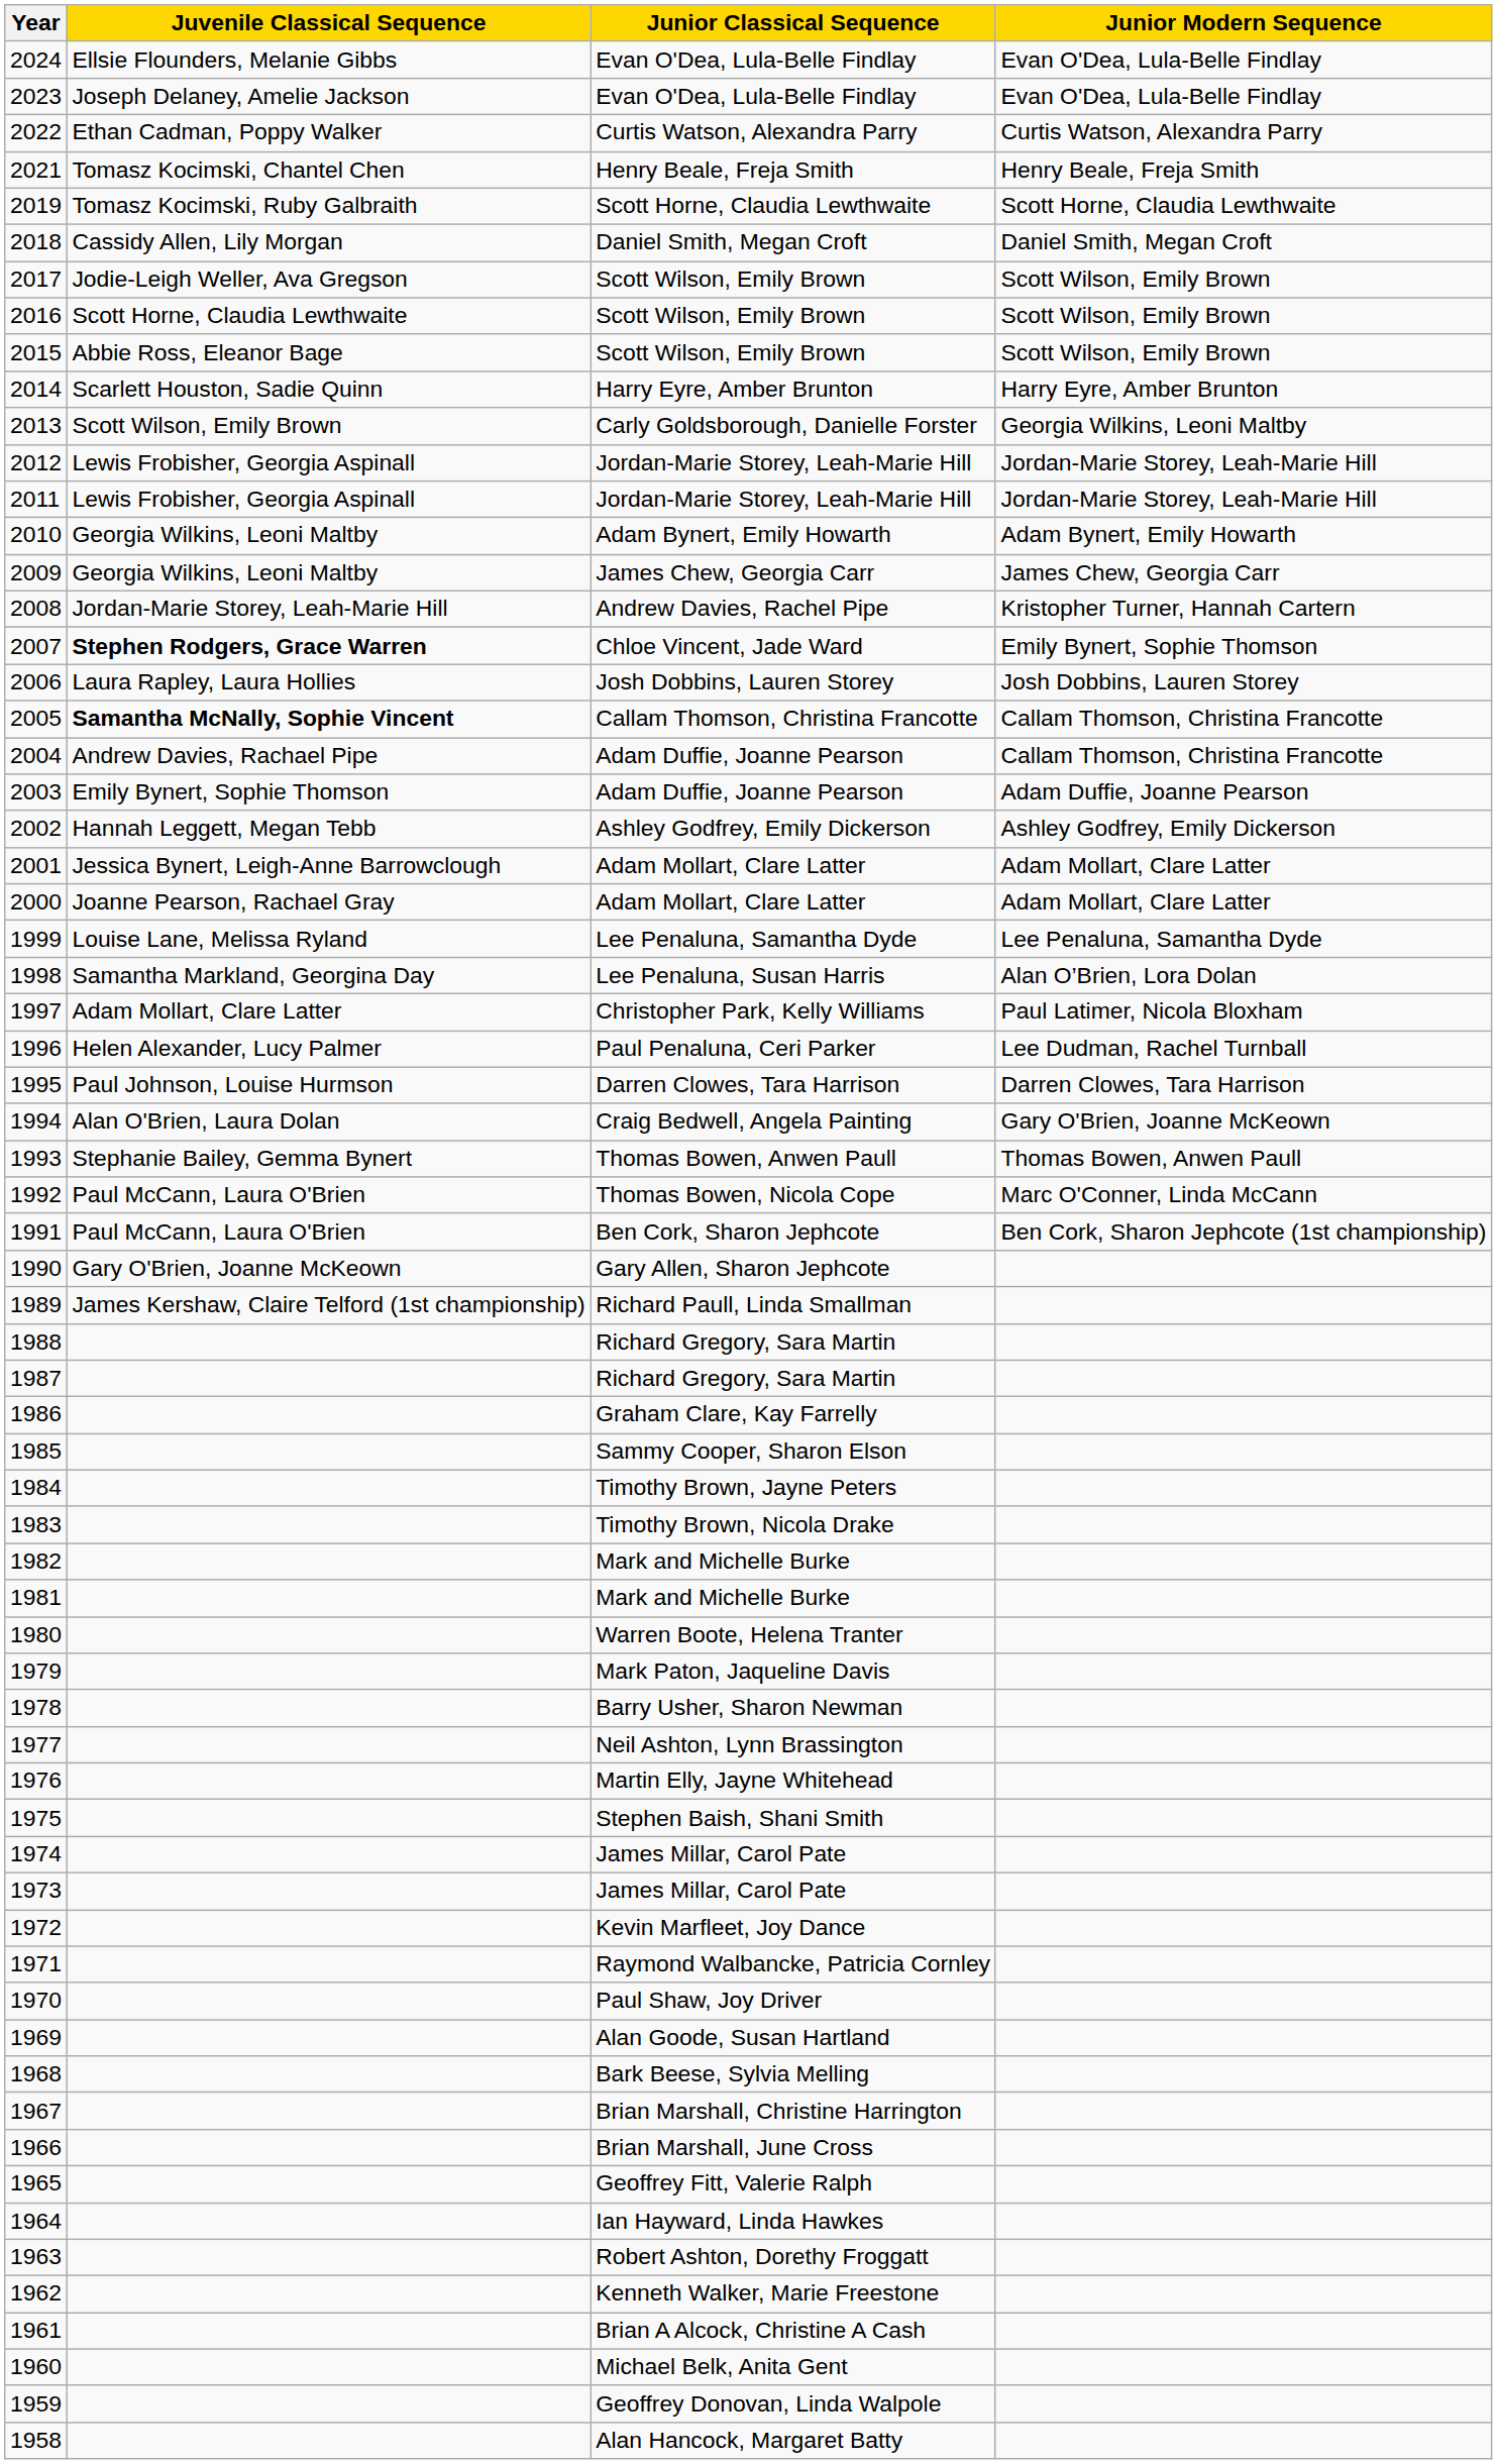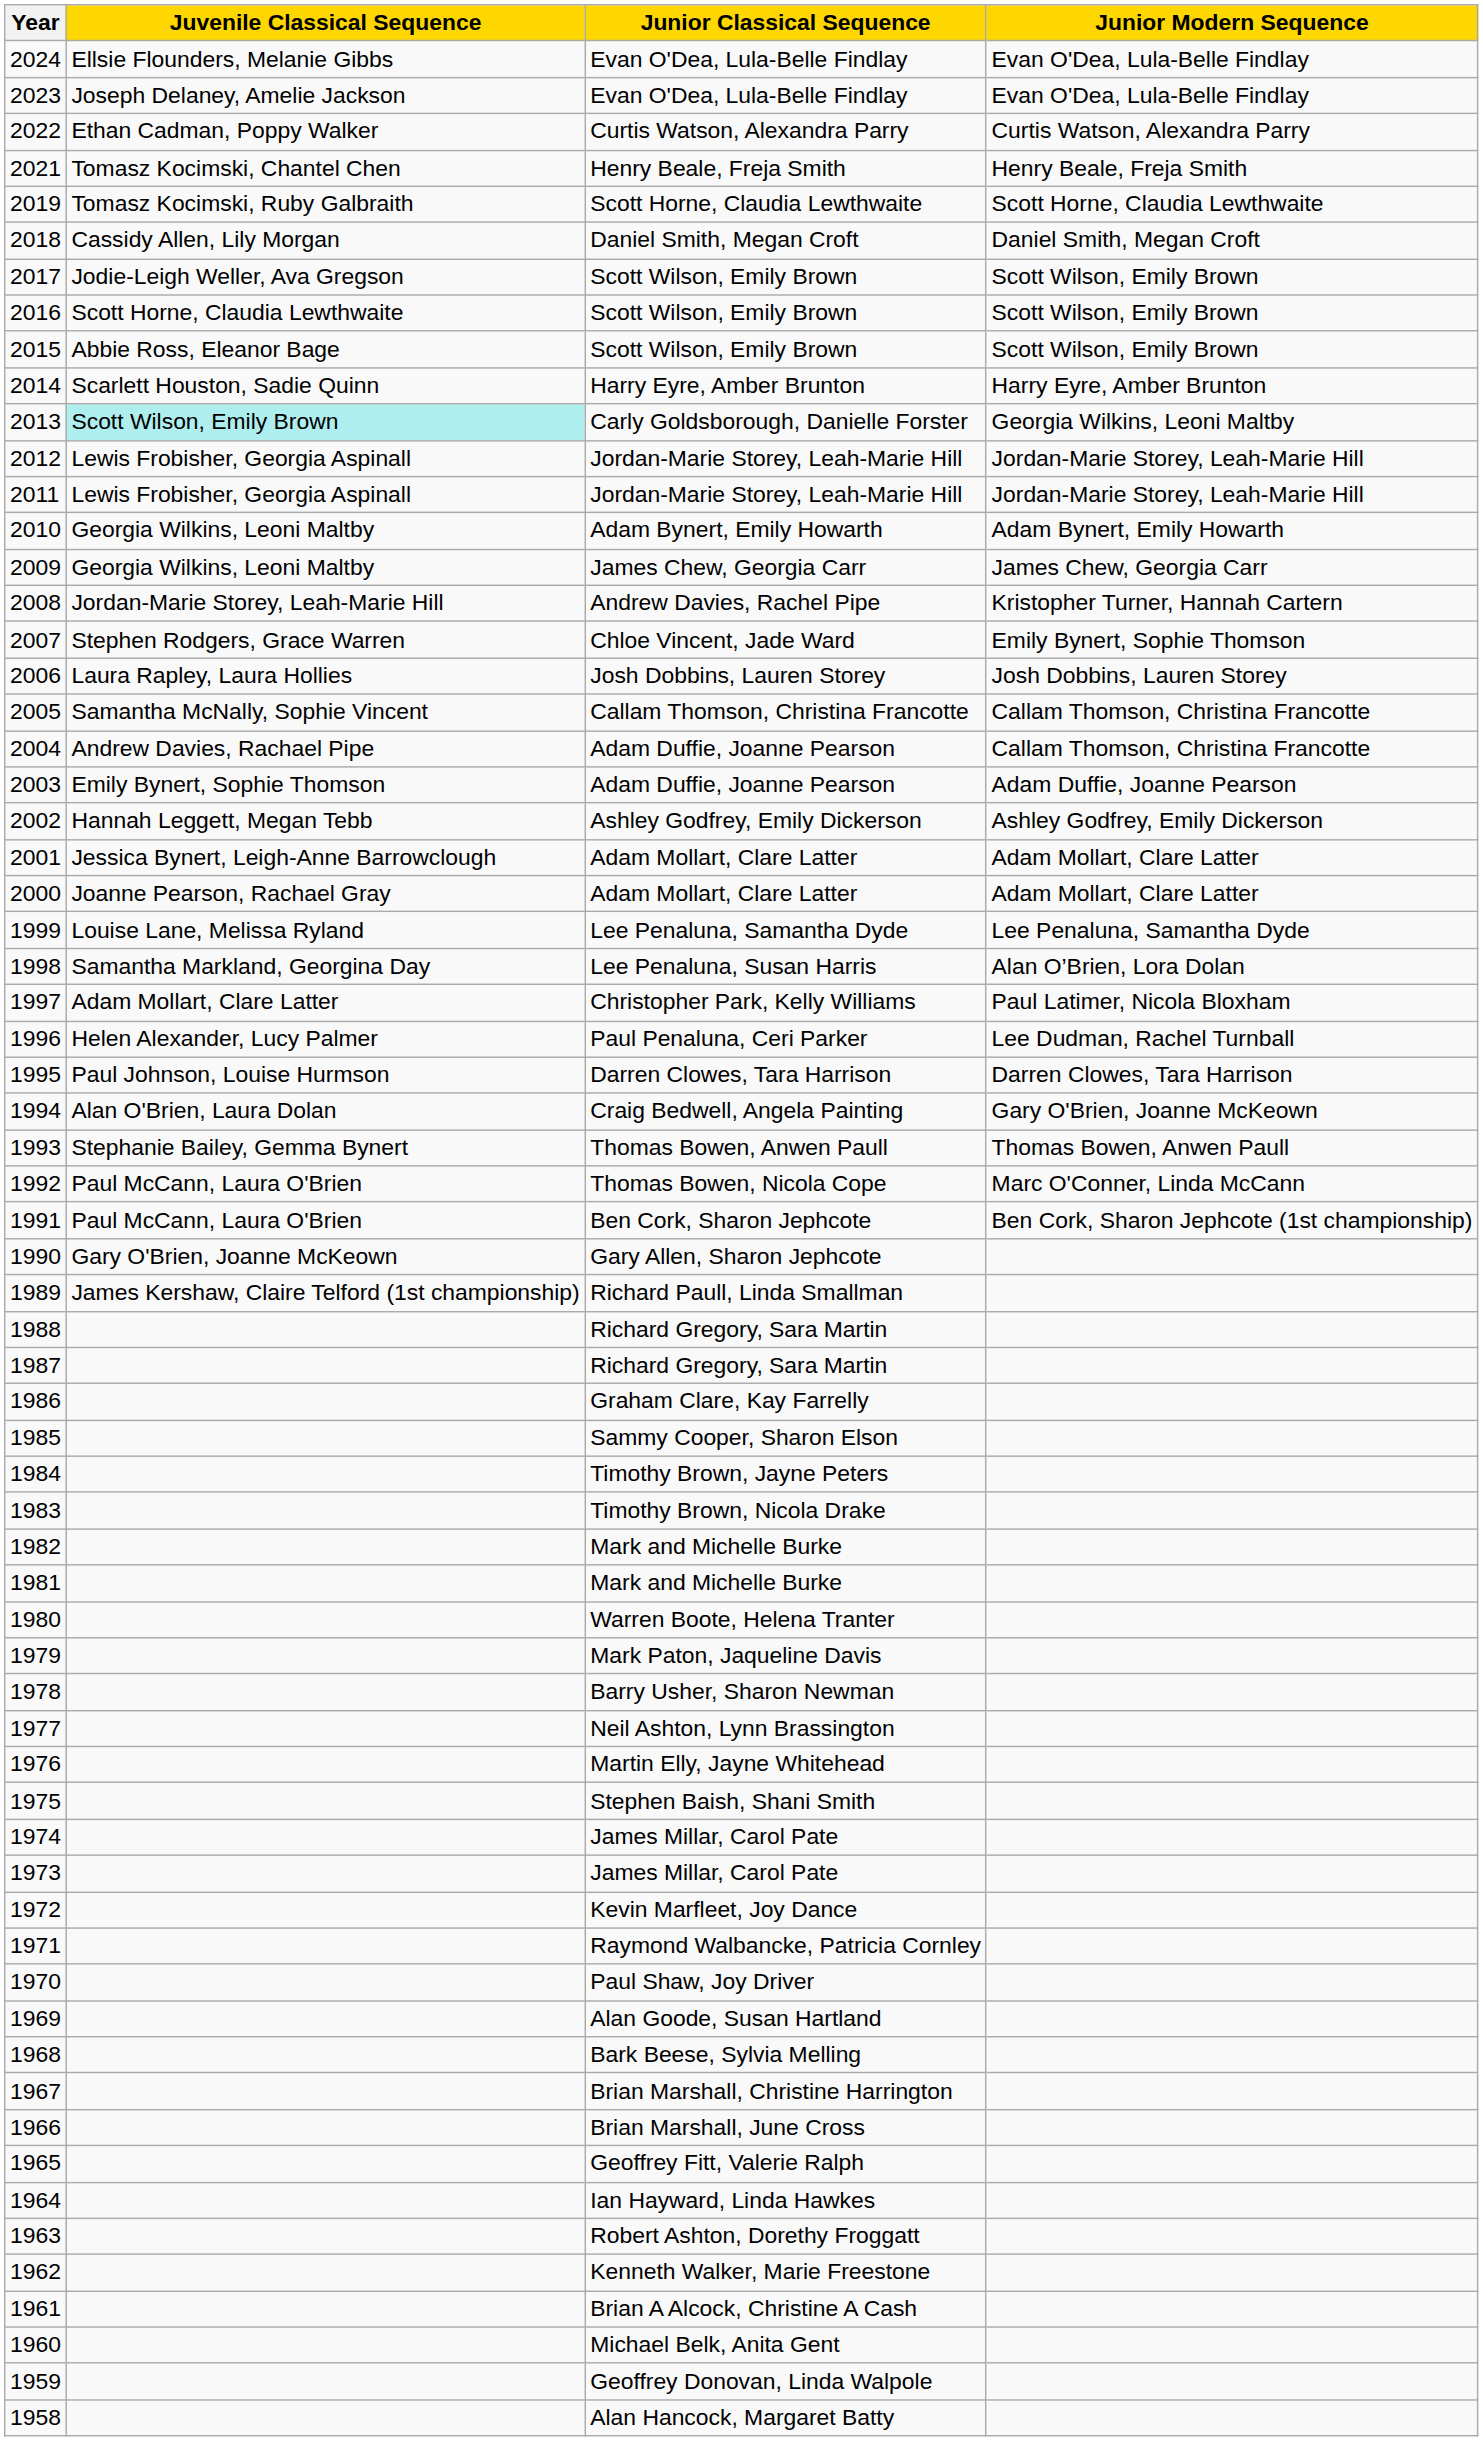 <table class="wikitable">
 <tr>
 <th>Year</th>
 <td style="text-align:center; background:gold;"><strong>Juvenile Classical Sequence</strong></td>
 <td style="text-align:center; background:gold;"><strong>Junior Classical Sequence</strong></td>
 <td style="text-align:center; background:gold;"><strong>Junior Modern Sequence</strong></td>
 </tr>
 <tr>
 <td>2024</td>
 <td>Ellsie Flounders, Melanie Gibbs</td>
 <td>Evan O'Dea, Lula-Belle Findlay</td>
 <td>Evan O'Dea, Lula-Belle Findlay</td>
 </tr>
 <tr>
 <td>2023</td>
 <td>Joseph Delaney, Amelie Jackson</td>
 <td>Evan O'Dea, Lula-Belle Findlay</td>
 <td>Evan O'Dea, Lula-Belle Findlay</td>
 </tr>
 <tr>
 <td>2022</td>
 <td>Ethan Cadman, Poppy Walker</td>
 <td>Curtis Watson, Alexandra Parry</td>
 <td>Curtis Watson, Alexandra Parry</td>
 </tr>
 <tr>
 <td>2021</td>
 <td>Tomasz Kocimski, Chantel Chen</td>
 <td>Henry Beale, Freja Smith</td>
 <td>Henry Beale, Freja Smith</td>
 </tr>
 <tr>
 <td>2019</td>
 <td>Tomasz Kocimski, Ruby Galbraith</td>
 <td>Scott Horne, Claudia Lewthwaite</td>
 <td>Scott Horne, Claudia Lewthwaite</td>
 </tr>
 <tr>
 <td>2018</td>
 <td>Cassidy Allen, Lily Morgan</td>
 <td>Daniel Smith, Megan Croft</td>
 <td>Daniel Smith, Megan Croft</td>
 </tr>
 <tr>
 <td>2017</td>
 <td>Jodie-Leigh Weller, Ava Gregson</td>
 <td>Scott Wilson, Emily Brown</td>
 <td>Scott Wilson, Emily Brown</td>
 </tr>
 <tr>
 <td>2016</td>
 <td>Scott Horne, Claudia Lewthwaite</td>
 <td>Scott Wilson, Emily Brown</td>
 <td>Scott Wilson, Emily Brown</td>
 </tr>
 <tr>
 <td>2015</td>
 <td>Abbie Ross, Eleanor Bage</td>
 <td>Scott Wilson, Emily Brown</td>
 <td>Scott Wilson, Emily Brown</td>
 </tr>
 <tr>
 <td>2014</td>
 <td>Scarlett Houston, Sadie Quinn</td>
 <td>Harry Eyre, Amber Brunton</td>
 <td>Harry Eyre, Amber Brunton</td>
 </tr>
 <tr>
 <td>2013</td>
-<td>Scott Wilson, Emily Brown</td>
+<td style="background: paleturquoise;">Scott Wilson, Emily Brown</td>
 <td>Carly Goldsborough, Danielle Forster</td>
 <td>Georgia Wilkins, Leoni Maltby</td>
 </tr>
 <tr>
 <td>2012</td>
 <td>Lewis Frobisher, Georgia Aspinall</td>
 <td>Jordan-Marie Storey, Leah-Marie Hill</td>
 <td>Jordan-Marie Storey, Leah-Marie Hill</td>
 </tr>
 <tr>
 <td>2011</td>
 <td>Lewis Frobisher, Georgia Aspinall</td>
 <td>Jordan-Marie Storey, Leah-Marie Hill</td>
 <td>Jordan-Marie Storey, Leah-Marie Hill</td>
 </tr>
 <tr>
 <td>2010</td>
 <td>Georgia Wilkins, Leoni Maltby</td>
 <td>Adam Bynert, Emily Howarth</td>
 <td>Adam Bynert, Emily Howarth</td>
 </tr>
 <tr>
 <td>2009</td>
 <td>Georgia Wilkins, Leoni Maltby</td>
 <td>James Chew, Georgia Carr</td>
 <td>James Chew, Georgia Carr</td>
 </tr>
 <tr>
 <td>2008</td>
 <td>Jordan-Marie Storey, Leah-Marie Hill</td>
 <td>Andrew Davies, Rachel Pipe</td>
 <td>Kristopher Turner, Hannah Cartern</td>
 </tr>
 <tr>
 <td>2007</td>
-<td><strong>Stephen Rodgers, Grace Warren</strong></td>
+<td>Stephen Rodgers, Grace Warren</td>
 <td>Chloe Vincent, Jade Ward</td>
 <td>Emily Bynert, Sophie Thomson</td>
 </tr>
 <tr>
 <td>2006</td>
 <td>Laura Rapley, Laura Hollies</td>
 <td>Josh Dobbins, Lauren Storey</td>
 <td>Josh Dobbins, Lauren Storey</td>
 </tr>
 <tr>
 <td>2005</td>
-<td><strong>Samantha McNally, Sophie Vincent</strong></td>
+<td>Samantha McNally, Sophie Vincent</td>
 <td>Callam Thomson, Christina Francotte</td>
 <td>Callam Thomson, Christina Francotte</td>
 </tr>
 <tr>
 <td>2004</td>
 <td>Andrew Davies, Rachael Pipe</td>
 <td>Adam Duffie, Joanne Pearson</td>
 <td>Callam Thomson, Christina Francotte</td>
 </tr>
 <tr>
 <td>2003</td>
 <td>Emily Bynert, Sophie Thomson</td>
 <td>Adam Duffie, Joanne Pearson</td>
 <td>Adam Duffie, Joanne Pearson</td>
 </tr>
 <tr>
 <td>2002</td>
 <td>Hannah Leggett, Megan Tebb</td>
 <td>Ashley Godfrey, Emily Dickerson</td>
 <td>Ashley Godfrey, Emily Dickerson</td>
 </tr>
 <tr>
 <td>2001</td>
 <td>Jessica Bynert, Leigh-Anne Barrowclough</td>
 <td>Adam Mollart, Clare Latter</td>
 <td>Adam Mollart, Clare Latter</td>
 </tr>
 <tr>
 <td>2000</td>
 <td>Joanne Pearson, Rachael Gray</td>
 <td>Adam Mollart, Clare Latter</td>
 <td>Adam Mollart, Clare Latter</td>
 </tr>
 <tr>
 <td>1999</td>
 <td>Louise Lane, Melissa Ryland</td>
 <td>Lee Penaluna, Samantha Dyde</td>
 <td>Lee Penaluna, Samantha Dyde</td>
 </tr>
 <tr>
 <td>1998</td>
 <td>Samantha Markland, Georgina Day</td>
 <td>Lee Penaluna, Susan Harris</td>
 <td>Alan O’Brien, Lora Dolan</td>
 </tr>
 <tr>
 <td>1997</td>
 <td>Adam Mollart, Clare Latter</td>
 <td>Christopher Park, Kelly Williams</td>
 <td>Paul Latimer, Nicola Bloxham</td>
 </tr>
 <tr>
 <td>1996</td>
 <td>Helen Alexander, Lucy Palmer</td>
 <td>Paul Penaluna, Ceri Parker</td>
 <td>Lee Dudman, Rachel Turnball</td>
 </tr>
 <tr>
 <td>1995</td>
 <td>Paul Johnson, Louise Hurmson</td>
 <td>Darren Clowes, Tara Harrison</td>
 <td>Darren Clowes, Tara Harrison</td>
 </tr>
 <tr>
 <td>1994</td>
 <td>Alan O'Brien, Laura Dolan</td>
 <td>Craig Bedwell, Angela Painting</td>
 <td>Gary O'Brien, Joanne McKeown</td>
 </tr>
 <tr>
 <td>1993</td>
 <td>Stephanie Bailey, Gemma Bynert</td>
 <td>Thomas Bowen, Anwen Paull</td>
 <td>Thomas Bowen, Anwen Paull</td>
 </tr>
 <tr>
 <td>1992</td>
 <td>Paul McCann, Laura O'Brien</td>
 <td>Thomas Bowen, Nicola Cope</td>
 <td>Marc O'Conner, Linda McCann</td>
 </tr>
 <tr>
 <td>1991</td>
 <td>Paul McCann, Laura O'Brien</td>
 <td>Ben Cork, Sharon Jephcote</td>
 <td>Ben Cork, Sharon Jephcote (1st championship)</td>
 </tr>
 <tr>
 <td>1990</td>
 <td>Gary O'Brien, Joanne McKeown</td>
 <td>Gary Allen, Sharon Jephcote</td>
 <td></td>
 </tr>
 <tr>
 <td>1989</td>
 <td>James Kershaw, Claire Telford (1st championship)</td>
 <td>Richard Paull, Linda Smallman</td>
 <td></td>
 </tr>
 <tr>
 <td>1988</td>
 <td></td>
 <td>Richard Gregory, Sara Martin</td>
 <td></td>
 </tr>
 <tr>
 <td>1987</td>
 <td></td>
 <td>Richard Gregory, Sara Martin</td>
 <td></td>
 </tr>
 <tr>
 <td>1986</td>
 <td></td>
 <td>Graham Clare, Kay Farrelly</td>
 <td></td>
 </tr>
 <tr>
 <td>1985</td>
 <td></td>
 <td>Sammy Cooper, Sharon Elson</td>
 <td></td>
 </tr>
 <tr>
 <td>1984</td>
 <td></td>
 <td>Timothy Brown, Jayne Peters</td>
 <td></td>
 </tr>
 <tr>
 <td>1983</td>
 <td></td>
 <td>Timothy Brown, Nicola Drake</td>
 <td></td>
 </tr>
 <tr>
 <td>1982</td>
 <td></td>
 <td>Mark and Michelle Burke</td>
 <td></td>
 </tr>
 <tr>
 <td>1981</td>
 <td></td>
 <td>Mark and Michelle Burke</td>
 <td></td>
 </tr>
 <tr>
 <td>1980</td>
 <td></td>
 <td>Warren Boote, Helena Tranter</td>
 <td></td>
 </tr>
 <tr>
 <td>1979</td>
 <td></td>
 <td>Mark Paton, Jaqueline Davis</td>
 <td></td>
 </tr>
 <tr>
 <td>1978</td>
 <td></td>
 <td>Barry Usher, Sharon Newman</td>
 <td></td>
 </tr>
 <tr>
 <td>1977</td>
 <td></td>
 <td>Neil Ashton, Lynn Brassington</td>
 <td></td>
 </tr>
 <tr>
 <td>1976</td>
 <td></td>
 <td>Martin Elly, Jayne Whitehead</td>
 <td></td>
 </tr>
 <tr>
 <td>1975</td>
 <td></td>
 <td>Stephen Baish, Shani Smith</td>
 <td></td>
 </tr>
 <tr>
 <td>1974</td>
 <td></td>
 <td>James Millar, Carol Pate</td>
 <td></td>
 </tr>
 <tr>
 <td>1973</td>
 <td></td>
 <td>James Millar, Carol Pate</td>
 <td></td>
 </tr>
 <tr>
 <td>1972</td>
 <td></td>
 <td>Kevin Marfleet, Joy Dance</td>
 <td></td>
 </tr>
 <tr>
 <td>1971</td>
 <td></td>
 <td>Raymond Walbancke, Patricia Cornley</td>
 <td></td>
 </tr>
 <tr>
 <td>1970</td>
 <td></td>
 <td>Paul Shaw, Joy Driver</td>
 <td></td>
 </tr>
 <tr>
 <td>1969</td>
 <td></td>
 <td>Alan Goode, Susan Hartland</td>
 <td></td>
 </tr>
 <tr>
 <td>1968</td>
 <td></td>
 <td>Bark Beese, Sylvia Melling</td>
 <td></td>
 </tr>
 <tr>
 <td>1967</td>
 <td></td>
 <td>Brian Marshall, Christine Harrington</td>
 <td></td>
 </tr>
 <tr>
 <td>1966</td>
 <td></td>
 <td>Brian Marshall, June Cross</td>
 <td></td>
 </tr>
 <tr>
 <td>1965</td>
 <td></td>
 <td>Geoffrey Fitt, Valerie Ralph</td>
 <td></td>
 </tr>
 <tr>
 <td>1964</td>
 <td></td>
 <td>Ian Hayward, Linda Hawkes</td>
 <td></td>
 </tr>
 <tr>
 <td>1963</td>
 <td></td>
 <td>Robert Ashton, Dorethy Froggatt</td>
 <td></td>
 </tr>
 <tr>
 <td>1962</td>
 <td></td>
 <td>Kenneth Walker, Marie Freestone</td>
 <td></td>
 </tr>
 <tr>
 <td>1961</td>
 <td></td>
 <td>Brian A Alcock, Christine A Cash</td>
 <td></td>
 </tr>
 <tr>
 <td>1960</td>
 <td></td>
 <td>Michael Belk, Anita Gent</td>
 <td></td>
 </tr>
 <tr>
 <td>1959</td>
 <td></td>
 <td>Geoffrey Donovan, Linda Walpole</td>
 <td></td>
 </tr>
 <tr>
 <td>1958</td>
 <td></td>
 <td>Alan Hancock, Margaret Batty</td>
 <td></td>
 </tr>
 </table>
